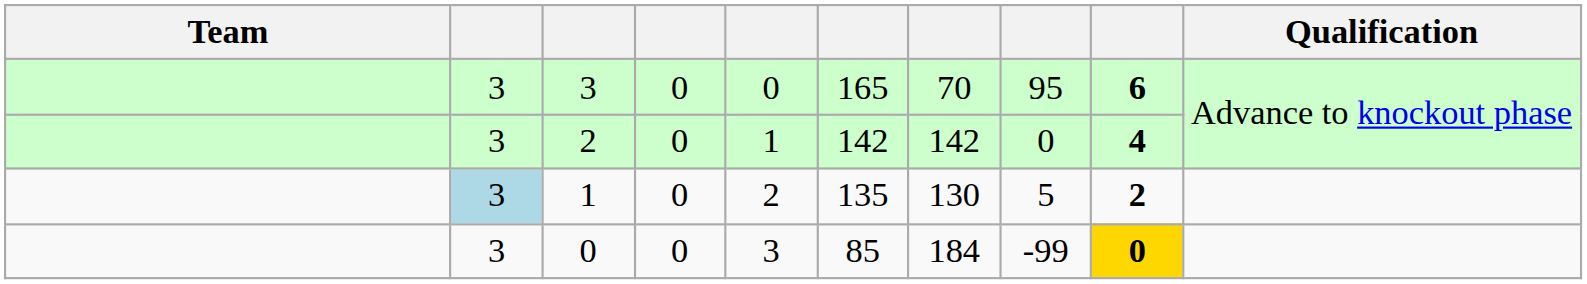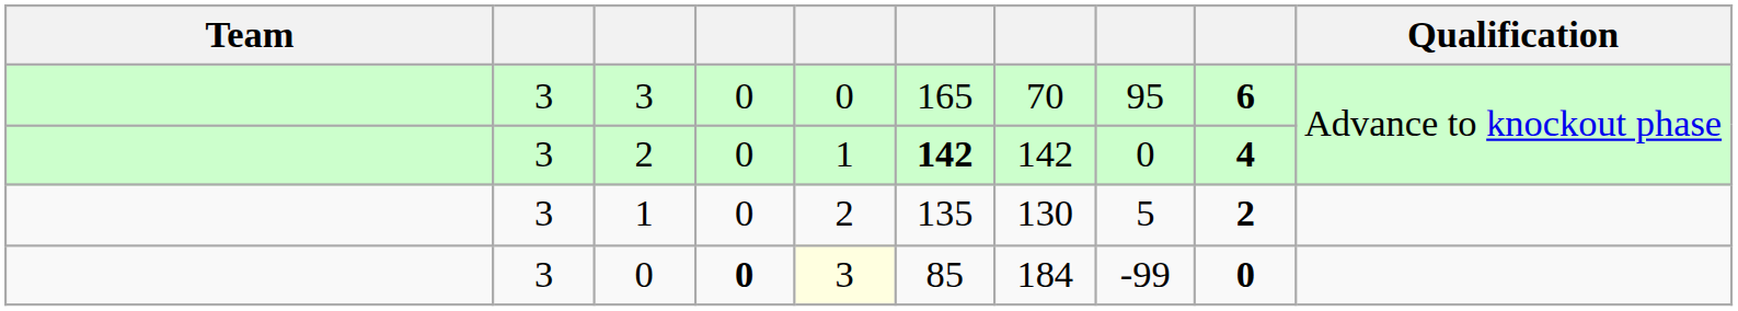 <table class=wikitable style="text-align: center;">
 <tr>
 <th style="width: 12.5em;" scope="col">Team</th>
 <th style="width: 2.2em;" scope="col"></th>
 <th style="width: 2.2em;" scope="col"></th>
 <th style="width: 2.2em;" scope="col"></th>
 <th style="width: 2.2em;" scope="col"></th>
 <th style="width: 2.2em;" scope="col"></th>
 <th style="width: 2.2em;" scope="col"></th>
 <th style="width: 2.2em;" scope="col"></th>
 <th style="width: 2.2em;" scope="col"></th>
 <th scope="col">Qualification</th>
 </tr>
 <tr style="background-color: #CCFFCC;">
 <td style="text-align: left;"></td>
 <td>3</td>
 <td>3</td>
 <td>0</td>
 <td>0</td>
 <td>165</td>
 <td>70</td>
 <td>95</td>
 <td><strong>6</strong></td>
 <td rowspan="2">Advance to <a href='#'>knockout phase</a></td>
 </tr>
 <tr style="background-color: #CCFFCC;">
 <td style="text-align: left;"></td>
 <td>3</td>
 <td>2</td>
 <td>0</td>
 <td>1</td>
-<td>142</td>
+<td><strong>142</strong></td>
 <td>142</td>
 <td>0</td>
 <td><strong>4</strong></td>
 </tr>
 <tr>
 <td style="text-align: left;"></td>
-<td style="background: lightblue;">3</td>
+<td>3</td>
 <td>1</td>
 <td>0</td>
 <td>2</td>
 <td>135</td>
 <td>130</td>
 <td>5</td>
 <td><strong>2</strong></td>
 <td></td>
 </tr>
 <tr>
 <td style="text-align: left;"></td>
 <td>3</td>
 <td>0</td>
-<td>0</td>
-<td>3</td>
+<td><strong>0</strong></td>
+<td style="background: lightyellow;">3</td>
 <td>85</td>
 <td>184</td>
 <td>-99</td>
-<td style="background: gold;"><strong>0</strong></td>
+<td><strong>0</strong></td>
 <td></td>
 </tr>
 </table>
